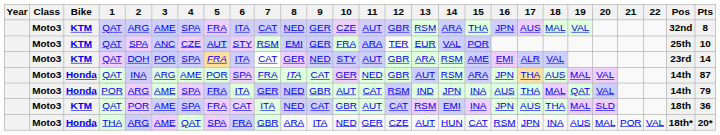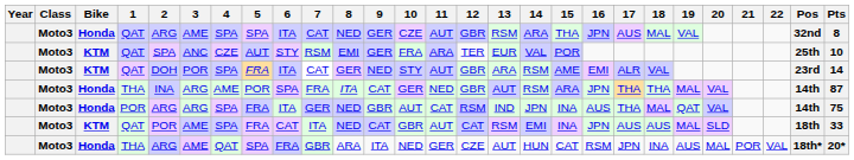 <table class="wikitable" style="text-align:center;">
 <tr>
 <th>Year</th>
 <th>Class</th>
 <th>Bike</th>
 <th>1</th>
 <th>2</th>
 <th>3</th>
 <th>4</th>
 <th>5</th>
 <th>6</th>
 <th>7</th>
 <th>8</th>
 <th>9</th>
 <th>10</th>
 <th>11</th>
 <th>12</th>
 <th>13</th>
 <th>14</th>
 <th>15</th>
 <th>16</th>
 <th>17</th>
 <th>18</th>
 <th>19</th>
 <th>20</th>
 <th>21</th>
 <th>22</th>
 <th>Pos</th>
 <th>Pts</th>
 </tr>
 <tr>
 <th></th>
 <th>Moto3</th>
-<th><a href='#'>KTM</a></th>
+<th><a href='#'>Honda</a></th>
 <td style="background:#cfcfff;"><a href='#'>QAT</a><br></td>
 <td style="background:#cfcfff;"><a href='#'>ARG</a><br></td>
 <td style="background:#cfcfff;"><a href='#'>AME</a><br></td>
 <td style="background:#cfcfff;"><a href='#'>SPA</a><br></td>
-<td style="background:#efcfff;"><a href='#'>FRA</a><br></td>
+<td style="background:#EFCFFF;"><a href='#'>SPA</a><br></td>
 <td style="background:#cfcfff;"><a href='#'>ITA</a><br></td>
 <td style="background:#cfcfff;"><a href='#'>CAT</a><br></td>
 <td style="background:#cfcfff;"><a href='#'>NED</a><br></td>
 <td style="background:#cfcfff;"><a href='#'>GER</a><br></td>
 <td style="background:#efcfff;"><a href='#'>CZE</a><br></td>
 <td style="background:#cfcfff;"><a href='#'>AUT</a><br></td>
 <td style="background:#cfcfff;"><a href='#'>GBR</a><br></td>
 <td style="background:#dfffdf;"><a href='#'>RSM</a><br></td>
 <td style="background:#cfcfff;"><a href='#'>ARA</a><br></td>
 <td style="background:#dfffdf;"><a href='#'>THA</a><br></td>
 <td style="background:#cfcfff;"><a href='#'>JPN</a><br></td>
 <td style="background:#efcfff;"><a href='#'>AUS</a><br></td>
 <td style="background:#dfffdf;"><a href='#'>MAL</a><br></td>
 <td style="background:#dfffdf;"><a href='#'>VAL</a><br></td>
 <td></td>
 <td></td>
 <td></td>
 <th>32nd</th>
 <th>8</th>
 </tr>
 <tr>
 <th></th>
 <th>Moto3</th>
 <th><a href='#'>KTM</a></th>
 <td style="background:#cfcfff;"><a href='#'>QAT</a><br></td>
 <td style="background:#efcfff;"><a href='#'>SPA</a><br></td>
 <td style="background:#cfcfff;"><a href='#'>ANC</a><br></td>
 <td style="background:#efcfff;"><a href='#'>CZE</a><br></td>
 <td style="background:#cfcfff;"><a href='#'>AUT</a><br></td>
 <td style="background:#efcfff;"><a href='#'>STY</a><br></td>
 <td style="background:#dfffdf;"><a href='#'>RSM</a><br></td>
 <td style="background:#cfcfff;"><a href='#'>EMI</a><br></td>
 <td style="background:#CFCFFF;"><a href='#'>GER</a><br></td>
 <td style="background:#dfffdf;"><a href='#'>FRA</a><br></td>
 <td style="background:#cfcfff;"><a href='#'>ARA</a><br></td>
 <td><a href='#'>TER</a></td>
 <td style="background:#dfffdf;"><a href='#'>EUR</a><br></td>
 <td style="background:#cfcfff;"><a href='#'>VAL</a><br></td>
 <td style="background:#cfcfff;"><a href='#'>POR</a><br></td>
 <td></td>
 <td></td>
 <td></td>
 <td></td>
 <td></td>
 <td></td>
 <td></td>
 <th>25th</th>
 <th>10</th>
 </tr>
 <tr>
 <th></th>
 <th>Moto3</th>
 <th><a href='#'>KTM</a></th>
 <td style="background:#efcfff;"><a href='#'>QAT</a><br></td>
 <td style="background:#cfcfff;"><a href='#'>DOH</a><br></td>
 <td style="background:#cfcfff;"><a href='#'>POR</a><br></td>
 <td style="background:#cfcfff;"><a href='#'>SPA</a><br></td>
 <td style="background:#ffdf9f;"><em><a href='#'>FRA</a></em><br></td>
 <td style="background:#cfcfff;"><a href='#'>ITA</a><br></td>
 <td style="background:#ffffff;"><a href='#'>CAT</a><br></td>
 <td style="background:#efcfff;"><a href='#'>GER</a><br></td>
 <td style="background:#cfcfff;"><a href='#'>NED</a><br></td>
 <td style="background:#cfcfff;"><a href='#'>STY</a><br></td>
 <td style="background:#cfcfff;"><a href='#'>AUT</a><br></td>
 <td style="background:#dfffdf;"><a href='#'>GBR</a><br></td>
 <td style="background:#dfffdf;"><a href='#'>ARA</a><br></td>
 <td style="background:#dfffdf;"><a href='#'>RSM</a><br></td>
 <td style="background:#cfcfff;"><a href='#'>AME</a><br></td>
 <td style="background:#efcfff;"><a href='#'>EMI</a><br></td>
 <td style="background:#cfcfff;"><a href='#'>ALR</a><br></td>
 <td style="background:#cfcfff;"><a href='#'>VAL</a><br></td>
 <td></td>
 <td></td>
 <td></td>
 <td></td>
 <th>23rd</th>
 <th>14</th>
 </tr>
 <tr>
 <th></th>
 <th>Moto3</th>
 <th><a href='#'>Honda</a></th>
-<td style="background:#dfffdf;"><a href='#'>QAT</a><br></td>
+<td style="background:#DFFFDF;"><a href='#'>THA</a><br></td>
 <td style="background:#cfcfff;"><a href='#'>INA</a><br></td>
 <td style="background:#dfffdf;"><a href='#'>ARG</a><br></td>
 <td style="background:#dfffdf;"><a href='#'>AME</a><br></td>
 <td style="background:#dfffdf;"><a href='#'>POR</a><br></td>
 <td style="background:#efcfff;"><a href='#'>SPA</a><br></td>
 <td style="background:#dfffdf;"><a href='#'>FRA</a><br></td>
 <td style="background:#dfffdf;"><em><a href='#'>ITA</a></em><br></td>
 <td style="background:#dfffdf;"><a href='#'>CAT</a><br></td>
 <td style="background:#efcfff;"><a href='#'>GER</a><br></td>
 <td style="background:#dfffdf;"><a href='#'>NED</a><br></td>
 <td style="background:#dfffdf;"><a href='#'>GBR</a><br></td>
 <td style="background:#cfcfff;"><a href='#'>AUT</a><br></td>
 <td style="background:#dfffdf;"><a href='#'>RSM</a><br></td>
 <td style="background:#cfcfff;"><a href='#'>ARA</a><br></td>
 <td style="background:#dfffdf;"><a href='#'>JPN</a><br></td>
 <td style="background:#ffdf9f;"><a href='#'>THA</a><br></td>
-<td style="background:#dfffdf;"><a href='#'>AUS</a><br></td>
+<td style="background:#DFFFDF;"><a href='#'>THA</a><br></td>
 <td style="background:#efcfff;"><a href='#'>MAL</a><br></td>
 <td style="background:#efcfff;"><a href='#'>VAL</a><br></td>
 <td></td>
 <td></td>
 <th>14th</th>
 <th>87</th>
 </tr>
 <tr>
 <th></th>
 <th>Moto3</th>
 <th><a href='#'>Honda</a></th>
 <td style="background:#dfffdf;"><a href='#'>POR</a><br></td>
 <td style="background:#efcfff;"><a href='#'>ARG</a><br></td>
-<td style="background:#dfffdf;"><a href='#'>AME</a><br></td>
+<td style="background:#dfffdf;"><a href='#'>ARG</a><br></td>
 <td style="background:#efcfff;"><a href='#'>SPA</a><br></td>
 <td style="background:#cfcfff;"><a href='#'>FRA</a><br></td>
 <td style="background:#dfffdf;"><a href='#'>ITA</a><br></td>
 <td style="background:#cfcfff;"><a href='#'>GER</a><br></td>
 <td style="background:#cfcfff;"><a href='#'>NED</a><br></td>
 <td style="background:#dfffdf;"><a href='#'>GBR</a><br></td>
 <td style="background:#dfffdf;"><a href='#'>AUT</a><br></td>
 <td style="background:#dfffdf;"><a href='#'>CAT</a><br></td>
 <td style="background:#cfcfff;"><a href='#'>RSM</a><br></td>
 <td style="background:#dfffdf;"><a href='#'>IND</a><br></td>
 <td style="background:#dfffdf;"><a href='#'>JPN</a><br></td>
 <td style="background:#dfffdf;"><a href='#'>INA</a><br></td>
 <td style="background:#dfffdf;"><a href='#'>AUS</a><br></td>
 <td style="background:#dfffdf;"><a href='#'>THA</a><br></td>
 <td style="background:#efcfff;"><a href='#'>MAL</a><br></td>
 <td style="background:#dfffdf;"><a href='#'>QAT</a><br></td>
 <td style="background:#cfcfff;"><a href='#'>VAL</a><br></td>
 <td></td>
 <td></td>
 <th>14th</th>
-<th>79</th>
+<th>75</th>
 </tr>
 <tr>
 <th></th>
 <th>Moto3</th>
 <th><a href='#'>KTM</a></th>
 <td style="background:#DFFFDF;"><a href='#'>QAT</a><br></td>
 <td style="background:#EFCFFF;"><a href='#'>POR</a><br></td>
 <td style="background:#CFCFFF;"><a href='#'>AME</a><br></td>
 <td style="background:#CFCFFF;"><a href='#'>SPA</a><br></td>
 <td style="background:#EFCFFF;"><a href='#'>FRA</a><br></td>
 <td style="background:#EFCFFF;"><a href='#'>CAT</a><br></td>
 <td style="background:#DFFFDF;"><a href='#'>ITA</a><br></td>
 <td style="background:#CFCFFF;"><a href='#'>NED</a><br></td>
 <td style="background:#cfcfff;"><a href='#'>CAT</a><br></td>
 <td style="background:#DFFFDF;"><a href='#'>GBR</a><br></td>
 <td style="background:#DFFFDF;"><a href='#'>AUT</a><br></td>
 <td style="background:#CFCFFF;"><a href='#'>CAT</a><br></td>
 <td style="background:#EFCFFF;"><a href='#'>RSM</a><br></td>
 <td style="background:#CFCFFF;"><a href='#'>EMI</a><br></td>
 <td style="background:#EFCFFF;"><a href='#'>INA</a><br></td>
 <td style="background:#DFFFDF;"><a href='#'>JPN</a><br></td>
 <td style="background:#DFFFDF;"><a href='#'>AUS</a><br></td>
-<td style="background:#DFFFDF;"><a href='#'>THA</a><br></td>
+<td style="background:#dfffdf;"><a href='#'>AUS</a><br></td>
 <td style="background:#EFCFFF;"><a href='#'>MAL</a><br></td>
 <td style="background:#EFCFFF;"><a href='#'>SLD</a><br></td>
 <td></td>
 <td></td>
 <th>18th</th>
-<th>36</th>
+<th>33</th>
 </tr>
 <tr>
 <th></th>
 <th>Moto3</th>
 <th><a href='#'>Honda</a></th>
 <td style="background:#DFFFDF;"><a href='#'>THA</a><br></td>
 <td style="background:#CFCFFF;"><a href='#'>ARG</a><br></td>
 <td style="background:#EFCFFF;"><a href='#'>AME</a><br></td>
 <td style="background:#DFFFDF;"><a href='#'>QAT</a><br></td>
 <td style="background:#EFCFFF;"><a href='#'>SPA</a><br></td>
 <td style="background:#CFCFFF;"><a href='#'>FRA</a><br></td>
 <td style="background:#DFFFDF;"><a href='#'>GBR</a><br></td>
 <td style="background:#;"><a href='#'>ARA</a><br></td>
 <td style="background:#;"><a href='#'>ITA</a><br></td>
 <td style="background:#;"><a href='#'>NED</a><br></td>
 <td style="background:#;"><a href='#'>GER</a><br></td>
 <td style="background:#;"><a href='#'>CZE</a><br></td>
 <td style="background:#;"><a href='#'>AUT</a><br></td>
 <td style="background:#;"><a href='#'>HUN</a><br></td>
 <td style="background:#;"><a href='#'>CAT</a><br></td>
 <td style="background:#;"><a href='#'>RSM</a><br></td>
 <td style="background:#;"><a href='#'>JPN</a><br></td>
 <td style="background:#;"><a href='#'>INA</a><br></td>
 <td style="background:#;"><a href='#'>AUS</a><br></td>
 <td style="background:#;"><a href='#'>MAL</a><br></td>
 <td style="background:#;"><a href='#'>POR</a><br></td>
 <td style="background:#;"><a href='#'>VAL</a><br></td>
 <th>18th*</th>
 <th>20*</th>
 </tr>
 </table>
